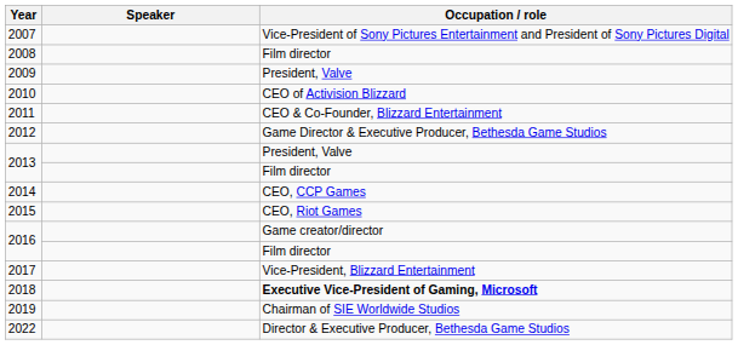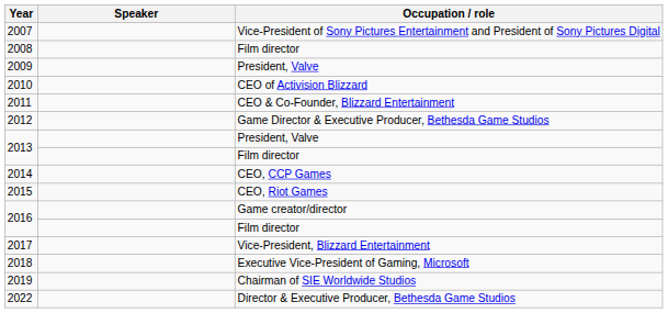 <table class="wikitable sortable">
 <tr>
 <th style="width:5%">Year</th>
 <th style="width:30%">Speaker</th>
 <th style="width:65%" class="unsortable">Occupation / role</th>
 </tr>
 <tr>
 <td>2007</td>
 <td></td>
 <td>Vice-President of <a href='#'>Sony Pictures Entertainment</a> and President of <a href='#'>Sony Pictures Digital</a></td>
 </tr>
 <tr>
 <td>2008</td>
 <td></td>
 <td>Film director</td>
 </tr>
 <tr>
 <td>2009</td>
 <td></td>
 <td>President, <a href='#'>Valve</a></td>
 </tr>
 <tr>
 <td>2010</td>
 <td></td>
 <td>CEO of <a href='#'>Activision Blizzard</a></td>
 </tr>
 <tr>
 <td>2011</td>
 <td></td>
 <td>CEO & Co-Founder, <a href='#'>Blizzard Entertainment</a></td>
 </tr>
 <tr>
 <td>2012</td>
 <td></td>
 <td>Game Director & Executive Producer, <a href='#'>Bethesda Game Studios</a></td>
 </tr>
 <tr>
 <td rowspan="2">2013</td>
 <td></td>
 <td>President, Valve</td>
 </tr>
 <tr>
 <td></td>
 <td>Film director</td>
 </tr>
 <tr>
 <td>2014</td>
 <td></td>
 <td>CEO, <a href='#'>CCP Games</a></td>
 </tr>
 <tr>
 <td>2015</td>
 <td></td>
 <td>CEO, <a href='#'>Riot Games</a></td>
 </tr>
 <tr>
 <td rowspan="2">2016</td>
 <td></td>
 <td>Game creator/director</td>
 </tr>
 <tr>
 <td></td>
 <td>Film director</td>
 </tr>
 <tr>
 <td>2017</td>
 <td></td>
 <td>Vice-President, <a href='#'>Blizzard Entertainment</a></td>
 </tr>
 <tr>
 <td>2018</td>
 <td></td>
-<td><strong>Executive Vice-President of Gaming, <a href='#'>Microsoft</a></strong></td>
+<td>Executive Vice-President of Gaming, <a href='#'>Microsoft</a></td>
 </tr>
 <tr>
 <td>2019</td>
 <td></td>
 <td>Chairman of <a href='#'>SIE Worldwide Studios</a></td>
 </tr>
 <tr>
 <td>2022</td>
 <td></td>
 <td>Director & Executive Producer, <a href='#'>Bethesda Game Studios</a></td>
 </tr>
 </table>
